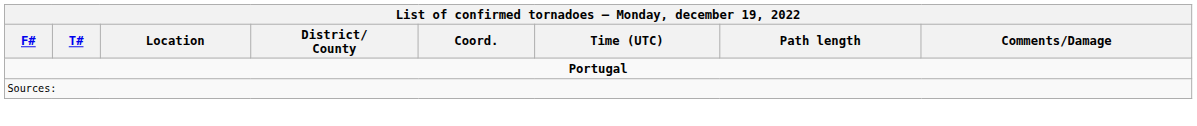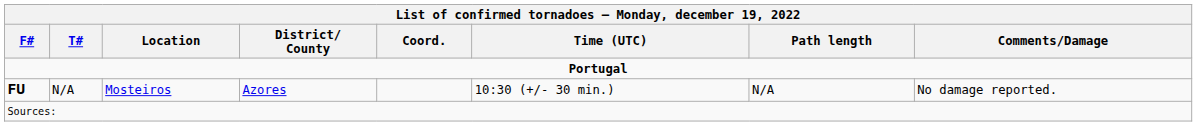 <table class="wikitable collapsible" width="100%">
 <tr>
 <th colspan="8">List of confirmed tornadoes – Monday, december 19, 2022</th>
 </tr>
 <tr>
 <th><a href='#'>F#</a></th>
 <th><a href='#'>T#</a></th>
 <th>Location</th>
 <th>District/<br>County</th>
 <th>Coord.</th>
 <th>Time (UTC)</th>
 <th>Path length</th>
 <th>Comments/Damage</th>
 </tr>
 <tr>
 <td colspan="8" align=center><strong>Portugal</strong></td>
 </tr>
 <tr>
+<td><big><strong>FU</strong></big></td>
+<td>N/A</td>
+<td><a href='#'>Mosteiros</a></td>
+<td><a href='#'>Azores</a></td>
+<td></td>
+<td>10:30 (+/- 30 min.)</td>
+<td>N/A</td>
+<td>No damage reported.</td>
+</tr>
+<tr>
 <td colspan="8"><small>Sources:  </small></td>
 </tr>
 </table>
